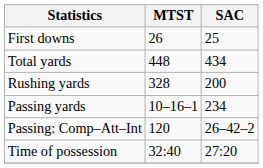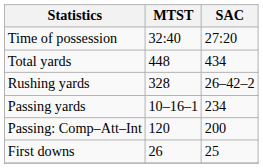 <table class="wikitable" style="float: left;">
 <tr>
 <th>Statistics</th>
 <th>MTST</th>
 <th>SAC</th>
 </tr>
 <tr>
-<td>First downs</td>
-<td>26</td>
-<td>25</td>
+<td>Time of possession</td>
+<td>32:40</td>
+<td>27:20</td>
 </tr>
 <tr>
 <td>Total yards</td>
 <td>448</td>
 <td>434</td>
 </tr>
 <tr>
 <td>Rushing yards</td>
 <td>328</td>
-<td>200</td>
+<td>26–42–2</td>
 </tr>
 <tr>
 <td>Passing yards</td>
 <td>10–16–1</td>
 <td>234</td>
 </tr>
 <tr>
 <td>Passing: Comp–Att–Int</td>
 <td>120</td>
-<td>26–42–2</td>
+<td>200</td>
 </tr>
 <tr>
-<td>Time of possession</td>
-<td>32:40</td>
-<td>27:20</td>
+<td>First downs</td>
+<td>26</td>
+<td>25</td>
 </tr>
 <tr>
 </tr>
 </table>
